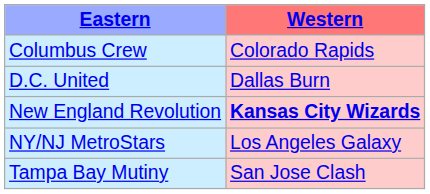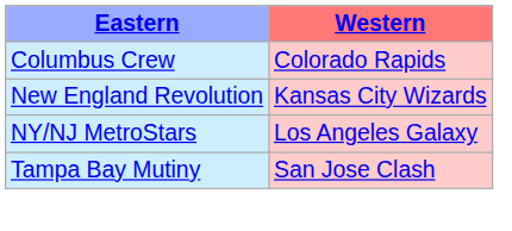 <table class="wikitable">
 <tr>
 <th style="background-color: #9AF;"><a href='#'>Eastern</a></th>
 <th style="background-color: #F77;"><a href='#'>Western</a></th>
 </tr>
 <tr>
 <td style="background-color: #CEF;"><a href='#'>Columbus Crew</a></td>
 <td style="background-color: #FCC;"><a href='#'>Colorado Rapids</a></td>
 </tr>
 <tr>
-<td style="background-color: #CEF;"><a href='#'>D.C. United</a></td>
-<td style="background-color: #FCC;"><a href='#'>Dallas Burn</a></td>
-</tr>
-<tr>
 <td style="background-color: #CEF;"><a href='#'>New England Revolution</a></td>
-<td style="background-color: #FCC;"><strong><a href='#'>Kansas City Wizards</a></strong></td>
+<td style="background-color: #FCC;"><a href='#'>Kansas City Wizards</a></td>
 </tr>
 <tr>
 <td style="background-color: #CEF;"><a href='#'>NY/NJ MetroStars</a></td>
 <td style="background-color: #FCC;"><a href='#'>Los Angeles Galaxy</a></td>
 </tr>
 <tr>
 <td style="background-color: #CEF;"><a href='#'>Tampa Bay Mutiny</a></td>
 <td style="background-color: #FCC;"><a href='#'>San Jose Clash</a></td>
 </tr>
 </table>
